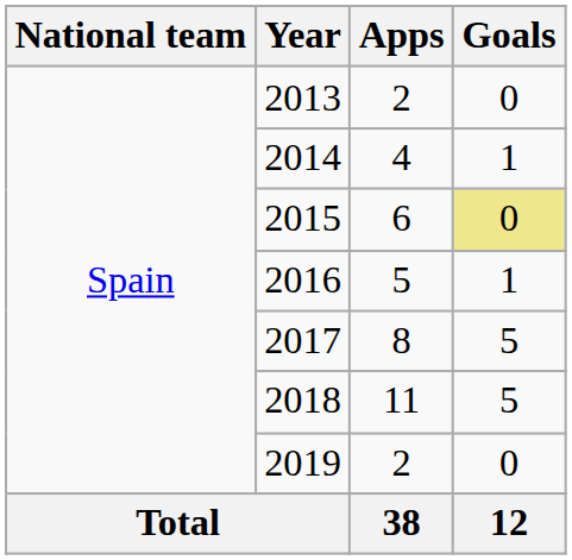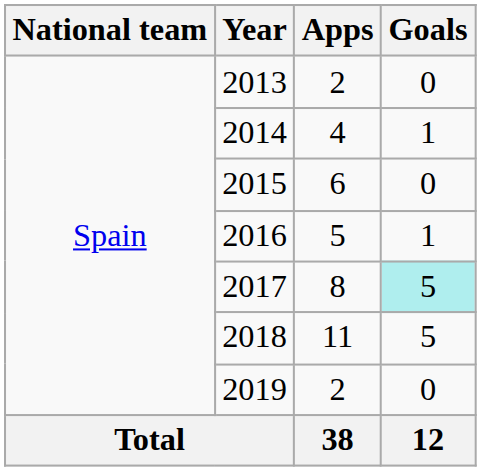 <table class="wikitable" style="text-align:center">
 <tr>
 <th>National team</th>
 <th>Year</th>
 <th>Apps</th>
 <th>Goals</th>
 </tr>
 <tr>
 <td rowspan="7"><a href='#'>Spain</a></td>
 <td>2013</td>
 <td>2</td>
 <td>0</td>
 </tr>
 <tr>
 <td>2014</td>
 <td>4</td>
 <td>1</td>
 </tr>
 <tr>
 <td>2015</td>
 <td>6</td>
-<td style="background: khaki;">0</td>
+<td>0</td>
 </tr>
 <tr>
 <td>2016</td>
 <td>5</td>
 <td>1</td>
 </tr>
 <tr>
 <td>2017</td>
 <td>8</td>
-<td>5</td>
+<td style="background: paleturquoise;">5</td>
 </tr>
 <tr>
 <td>2018</td>
 <td>11</td>
 <td>5</td>
 </tr>
 <tr>
 <td>2019</td>
 <td>2</td>
 <td>0</td>
 </tr>
 <tr>
 <th colspan="2">Total</th>
 <th>38</th>
 <th>12</th>
 </tr>
 </table>
